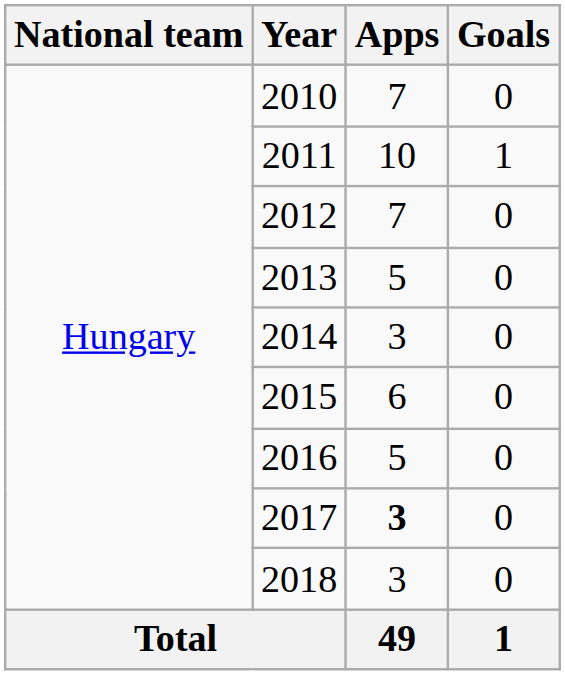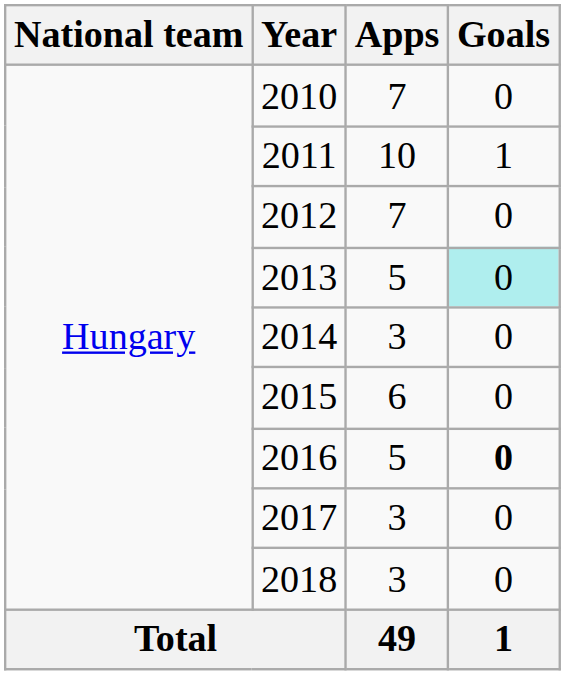 <table class="wikitable" style="text-align:center">
 <tr>
 <th>National team</th>
 <th>Year</th>
 <th>Apps</th>
 <th>Goals</th>
 </tr>
 <tr>
 <td rowspan="9"><a href='#'>Hungary</a></td>
 <td>2010</td>
 <td>7</td>
 <td>0</td>
 </tr>
 <tr>
 <td>2011</td>
 <td>10</td>
 <td>1</td>
 </tr>
 <tr>
 <td>2012</td>
 <td>7</td>
 <td>0</td>
 </tr>
 <tr>
 <td>2013</td>
 <td>5</td>
-<td>0</td>
+<td style="background: paleturquoise;">0</td>
 </tr>
 <tr>
 <td>2014</td>
 <td>3</td>
 <td>0</td>
 </tr>
 <tr>
 <td>2015</td>
 <td>6</td>
 <td>0</td>
 </tr>
 <tr>
 <td>2016</td>
 <td>5</td>
-<td>0</td>
+<td><strong>0</strong></td>
 </tr>
 <tr>
 <td>2017</td>
-<td><strong>3</strong></td>
+<td>3</td>
 <td>0</td>
 </tr>
 <tr>
 <td>2018</td>
 <td>3</td>
 <td>0</td>
 </tr>
 <tr>
 <th colspan="2">Total</th>
 <th>49</th>
 <th>1</th>
 </tr>
 </table>
